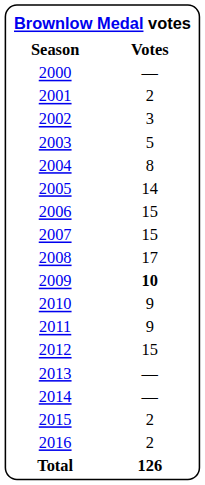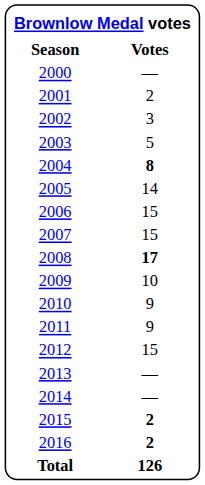 <table style="margin-right:4px; margin-top:8px; float:right; border:1px #000 solid; border-radius:8px; background:#fff; font-family:Verdana; font-size:8pt; text-align:center;">
 <tr style="background:#fff;">
 <td colspan="2;" style="padding:3px; margin-bottom:-3px; margin-top:2px; font-family:Arial; "><strong><a href='#'>Brownlow Medal</a> votes</strong></td>
 </tr>
 <tr>
 <th style="width:50%;">Season</th>
 <th style="width:50%;">Votes</th>
 </tr>
 <tr>
 <td><a href='#'>2000</a></td>
 <td>—</td>
 </tr>
 <tr>
 <td><a href='#'>2001</a></td>
 <td>2</td>
 </tr>
 <tr>
 <td><a href='#'>2002</a></td>
 <td>3</td>
 </tr>
 <tr>
 <td><a href='#'>2003</a></td>
 <td>5</td>
 </tr>
 <tr>
 <td><a href='#'>2004</a></td>
-<td>8</td>
+<td><strong>8</strong></td>
 </tr>
 <tr>
 <td><a href='#'>2005</a></td>
 <td>14</td>
 </tr>
 <tr>
 <td><a href='#'>2006</a></td>
 <td>15</td>
 </tr>
 <tr>
 <td><a href='#'>2007</a></td>
 <td>15</td>
 </tr>
 <tr>
 <td><a href='#'>2008</a></td>
-<td>17</td>
+<td><strong>17</strong></td>
 </tr>
 <tr>
 <td><a href='#'>2009</a></td>
-<td><strong>10</strong></td>
+<td>10</td>
 </tr>
 <tr>
 <td><a href='#'>2010</a></td>
 <td>9</td>
 </tr>
 <tr>
 <td><a href='#'>2011</a></td>
 <td>9</td>
 </tr>
 <tr>
 <td><a href='#'>2012</a></td>
 <td>15</td>
 </tr>
 <tr>
 <td><a href='#'>2013</a></td>
 <td>—</td>
 </tr>
 <tr>
 <td><a href='#'>2014</a></td>
 <td>—</td>
 </tr>
 <tr>
 <td><a href='#'>2015</a></td>
-<td>2</td>
+<td><strong>2</strong></td>
 </tr>
 <tr>
 <td><a href='#'>2016</a></td>
-<td>2</td>
+<td><strong>2</strong></td>
 </tr>
 <tr>
 <td><strong>Total</strong></td>
 <td><strong>126</strong></td>
 </tr>
 </table>
